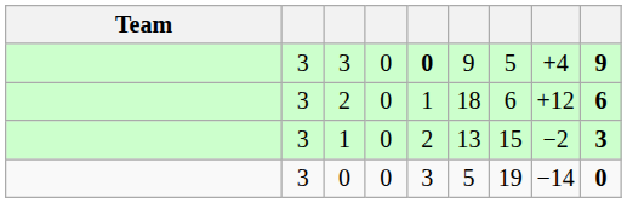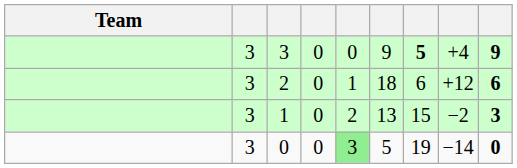 <table class="wikitable" style="text-align: center;">
 <tr>
 <th width="175">Team</th>
 <th width="20"></th>
 <th width="20"></th>
 <th width="20"></th>
 <th width="20"></th>
 <th width="20"></th>
 <th width="20"></th>
 <th width="20"></th>
 <th width="20"></th>
 </tr>
 <tr bgcolor="#ccffcc">
 <td align=left></td>
 <td>3</td>
 <td>3</td>
 <td>0</td>
-<td><strong>0</strong></td>
+<td>0</td>
 <td>9</td>
-<td>5</td>
+<td><strong>5</strong></td>
 <td>+4</td>
 <td><strong>9</strong></td>
 </tr>
 <tr bgcolor="#ccffcc">
 <td align=left></td>
 <td>3</td>
 <td>2</td>
 <td>0</td>
 <td>1</td>
 <td>18</td>
 <td>6</td>
 <td>+12</td>
 <td><strong>6</strong></td>
 </tr>
 <tr bgcolor="#ccffcc">
 <td align=left></td>
 <td>3</td>
 <td>1</td>
 <td>0</td>
 <td>2</td>
 <td>13</td>
 <td>15</td>
 <td>−2</td>
 <td><strong>3</strong></td>
 </tr>
 <tr>
 <td align=left></td>
 <td>3</td>
 <td>0</td>
 <td>0</td>
-<td>3</td>
+<td style="background: lightgreen;">3</td>
 <td>5</td>
 <td>19</td>
 <td>−14</td>
 <td><strong>0</strong></td>
 </tr>
 </table>
